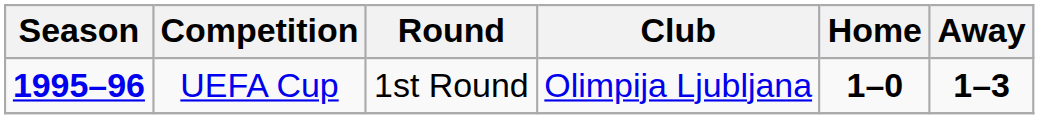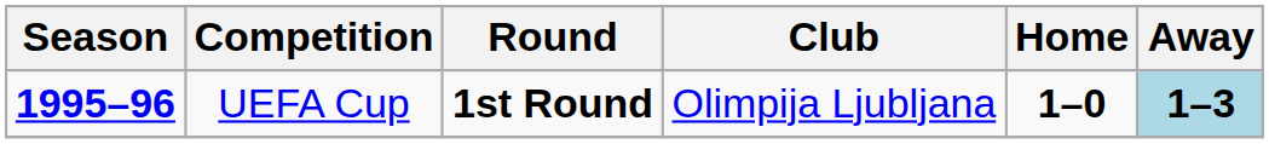 <table class="wikitable" style="text-align: left">
 <tr bgcolor="#ccccff">
 <th>Season</th>
 <th>Competition</th>
 <th>Round</th>
 <th>Club</th>
 <th>Home</th>
 <th>Away</th>
 </tr>
 <tr>
 <td><strong><a href='#'>1995–96</a></strong></td>
 <td align="center"><a href='#'>UEFA Cup</a></td>
-<td>1st Round</td>
+<td><strong>1st Round</strong></td>
 <td> <a href='#'>Olimpija Ljubljana</a></td>
 <td align="center"><strong>1–0</strong></td>
-<td align="center"><strong>1–3</strong></td>
+<td align="center" style="background: lightblue;"><strong>1–3</strong></td>
 </tr>
 <tr>
 </tr>
 </table>
